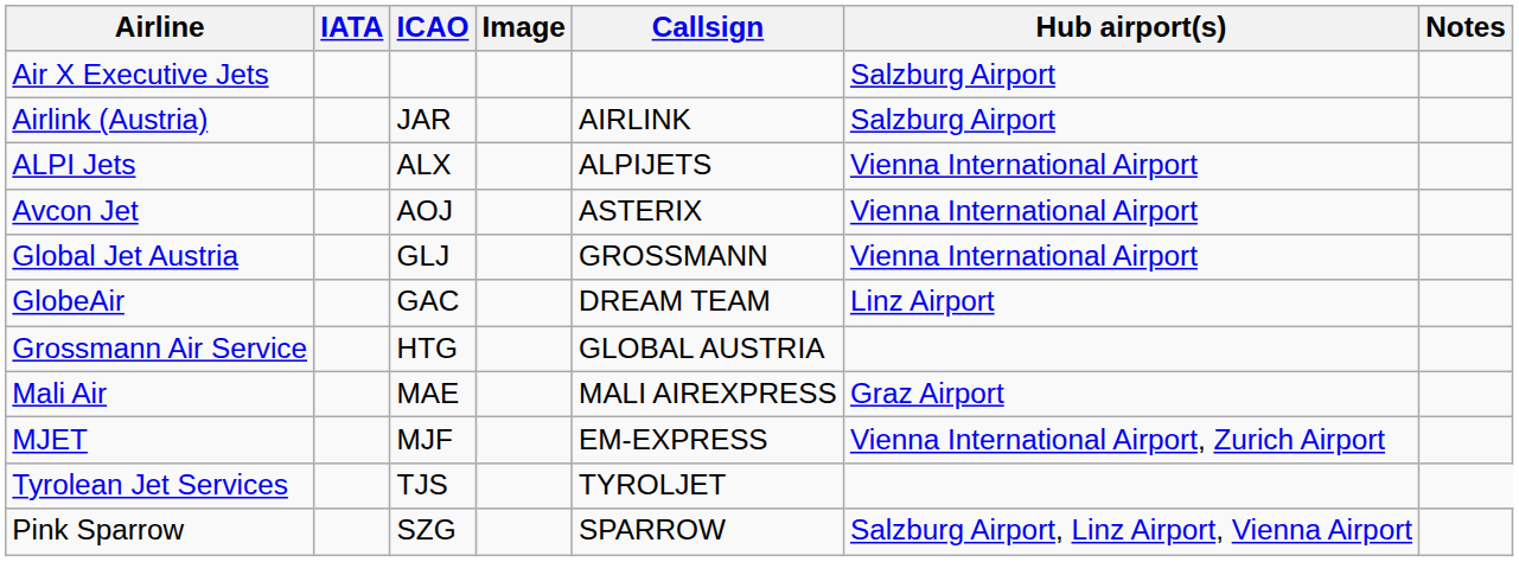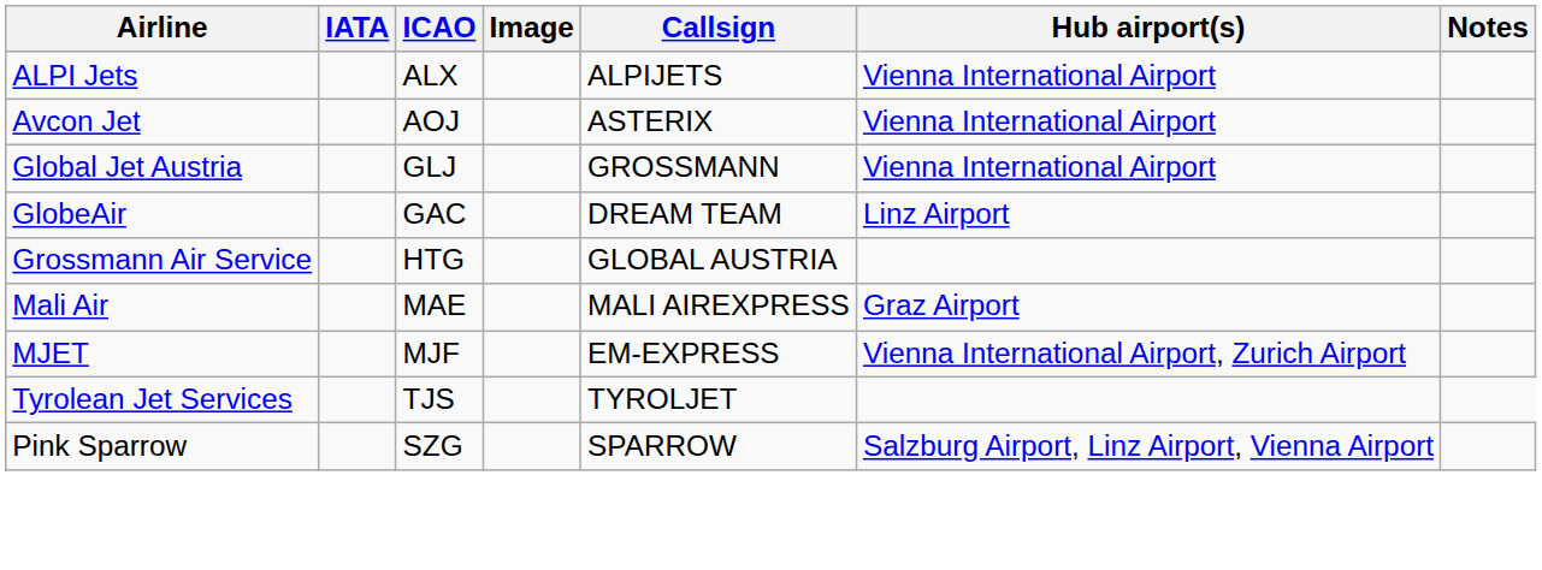 <table class="wikitable sortable" style="border: 0; cellpadding: 2; cellspacing: 3;">
 <tr valign="middle">
 <th>Airline</th>
 <th><a href='#'>IATA</a></th>
 <th><a href='#'>ICAO</a></th>
 <th>Image</th>
 <th><a href='#'>Callsign</a></th>
 <th>Hub airport(s)</th>
 <th class="unsortable">Notes</th>
-</tr>
-<tr>
-<td><a href='#'>Air X Executive Jets</a></td>
-<td></td>
-<td></td>
-<td></td>
-<td></td>
-<td><a href='#'>Salzburg Airport</a></td>
-<td></td>
-</tr>
-<tr>
-<td><a href='#'>Airlink (Austria)</a></td>
-<td></td>
-<td>JAR</td>
-<td></td>
-<td>AIRLINK</td>
-<td><a href='#'>Salzburg Airport</a></td>
-<td></td>
 </tr>
 <tr>
 <td><a href='#'>ALPI Jets</a></td>
 <td></td>
 <td>ALX</td>
 <td></td>
 <td>ALPIJETS</td>
 <td><a href='#'>Vienna International Airport</a></td>
 <td></td>
 </tr>
 <tr>
 <td><a href='#'>Avcon Jet</a></td>
 <td></td>
 <td>AOJ</td>
 <td></td>
 <td>ASTERIX</td>
 <td><a href='#'>Vienna International Airport</a></td>
 <td></td>
 </tr>
 <tr>
 <td><a href='#'>Global Jet Austria</a></td>
 <td></td>
 <td>GLJ</td>
 <td></td>
 <td>GROSSMANN</td>
 <td><a href='#'>Vienna International Airport</a></td>
 <td></td>
 </tr>
 <tr>
 <td><a href='#'>GlobeAir</a></td>
 <td></td>
 <td>GAC</td>
 <td></td>
 <td>DREAM TEAM</td>
 <td><a href='#'>Linz Airport</a></td>
 <td></td>
 </tr>
 <tr>
 <td><a href='#'>Grossmann Air Service</a></td>
 <td></td>
 <td>HTG</td>
 <td></td>
 <td>GLOBAL AUSTRIA</td>
 <td></td>
 <td></td>
 </tr>
 <tr>
 <td><a href='#'>Mali Air</a></td>
 <td></td>
 <td>MAE</td>
 <td></td>
 <td>MALI AIREXPRESS</td>
 <td><a href='#'>Graz Airport</a></td>
 <td></td>
 </tr>
 <tr>
 <td><a href='#'>MJET</a></td>
 <td></td>
 <td>MJF</td>
 <td></td>
 <td>EM-EXPRESS</td>
 <td><a href='#'>Vienna International Airport</a>, <a href='#'>Zurich Airport</a></td>
 <td></td>
 </tr>
 <tr>
 <td><a href='#'>Tyrolean Jet Services</a></td>
 <td></td>
 <td>TJS</td>
 <td></td>
 <td>TYROLJET</td>
 <td></td>
 </tr>
 <tr>
 <td>Pink Sparrow</td>
 <td></td>
 <td>SZG</td>
 <td></td>
 <td>SPARROW</td>
 <td><a href='#'>Salzburg Airport</a>, <a href='#'>Linz Airport</a>, <a href='#'>Vienna Airport</a></td>
 <td></td>
 </tr>
 </table>
